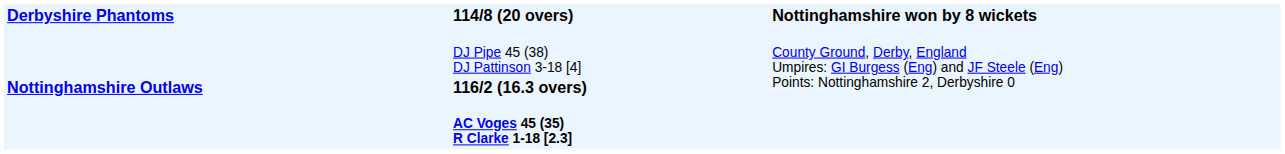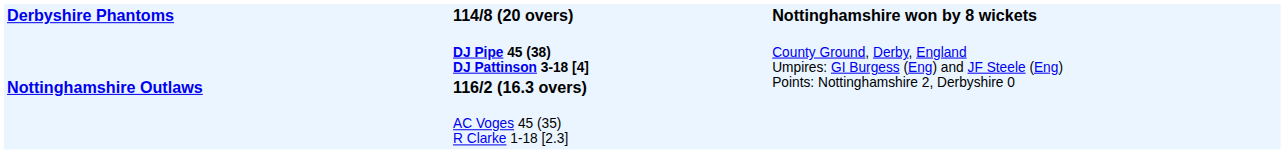 <table style="width:100%; background:#ebf5ff;">
 <tr>
 <td style="width:35%; vertical-align:top;" rowspan="2"><strong><a href='#'>Derbyshire Phantoms</a></strong></td>
 <td style="width:25%;"><strong>114/8 (20 overs)</strong></td>
 <td style="width:40%;"><strong>Nottinghamshire won by 8 wickets </strong></td>
 </tr>
 <tr>
-<td style="font-size: 85%;"><br><a href='#'>DJ Pipe</a> 45 (38)<br> <a href='#'>DJ Pattinson</a> 3-18 [4]</td>
+<td style="font-size: 85%;"><strong><br><a href='#'>DJ Pipe</a> 45 (38)<br> <a href='#'>DJ Pattinson</a> 3-18 [4]</strong></td>
 <td style="vertical-align:top; font-size:85%;" rowspan="3"><br><a href='#'>County Ground</a>, <a href='#'>Derby</a>, <a href='#'>England</a><br> Umpires: <a href='#'>GI Burgess</a> (<a href='#'>Eng</a>) and <a href='#'>JF Steele</a> (<a href='#'>Eng</a>)<br> Points: Nottinghamshire 2, Derbyshire 0</td>
 </tr>
 <tr>
 <td style="vertical-align:top;" rowspan="2"><strong><a href='#'>Nottinghamshire Outlaws</a></strong></td>
 <td><strong>116/2 (16.3 overs)</strong></td>
 </tr>
 <tr>
-<td style="font-size: 85%;"><strong><br><a href='#'>AC Voges</a> 45 (35)<br> <a href='#'>R Clarke</a> 1-18 [2.3]</strong></td>
+<td style="font-size: 85%;"><br><a href='#'>AC Voges</a> 45 (35)<br> <a href='#'>R Clarke</a> 1-18 [2.3]</td>
 </tr>
 </table>
